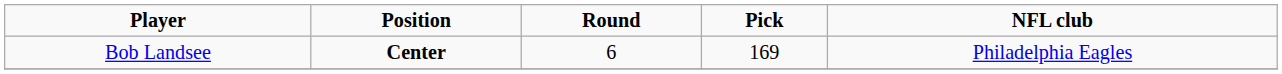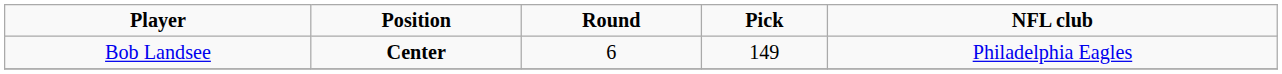 <table class="wikitable" width="80%">
 <tr align="center">
 <td><strong>Player</strong></td>
 <td><strong>Position</strong></td>
 <td><strong>Round</strong></td>
 <td><strong>Pick</strong></td>
 <td><strong>NFL club</strong></td>
 </tr>
 <tr align="center" bgcolor="">
 <td><a href='#'>Bob Landsee</a></td>
 <td><strong>Center</strong></td>
 <td>6</td>
-<td>169</td>
+<td>149</td>
 <td><a href='#'>Philadelphia Eagles</a></td>
 </tr>
 <tr align="center" bgcolor="">
 </tr>
 </table>
